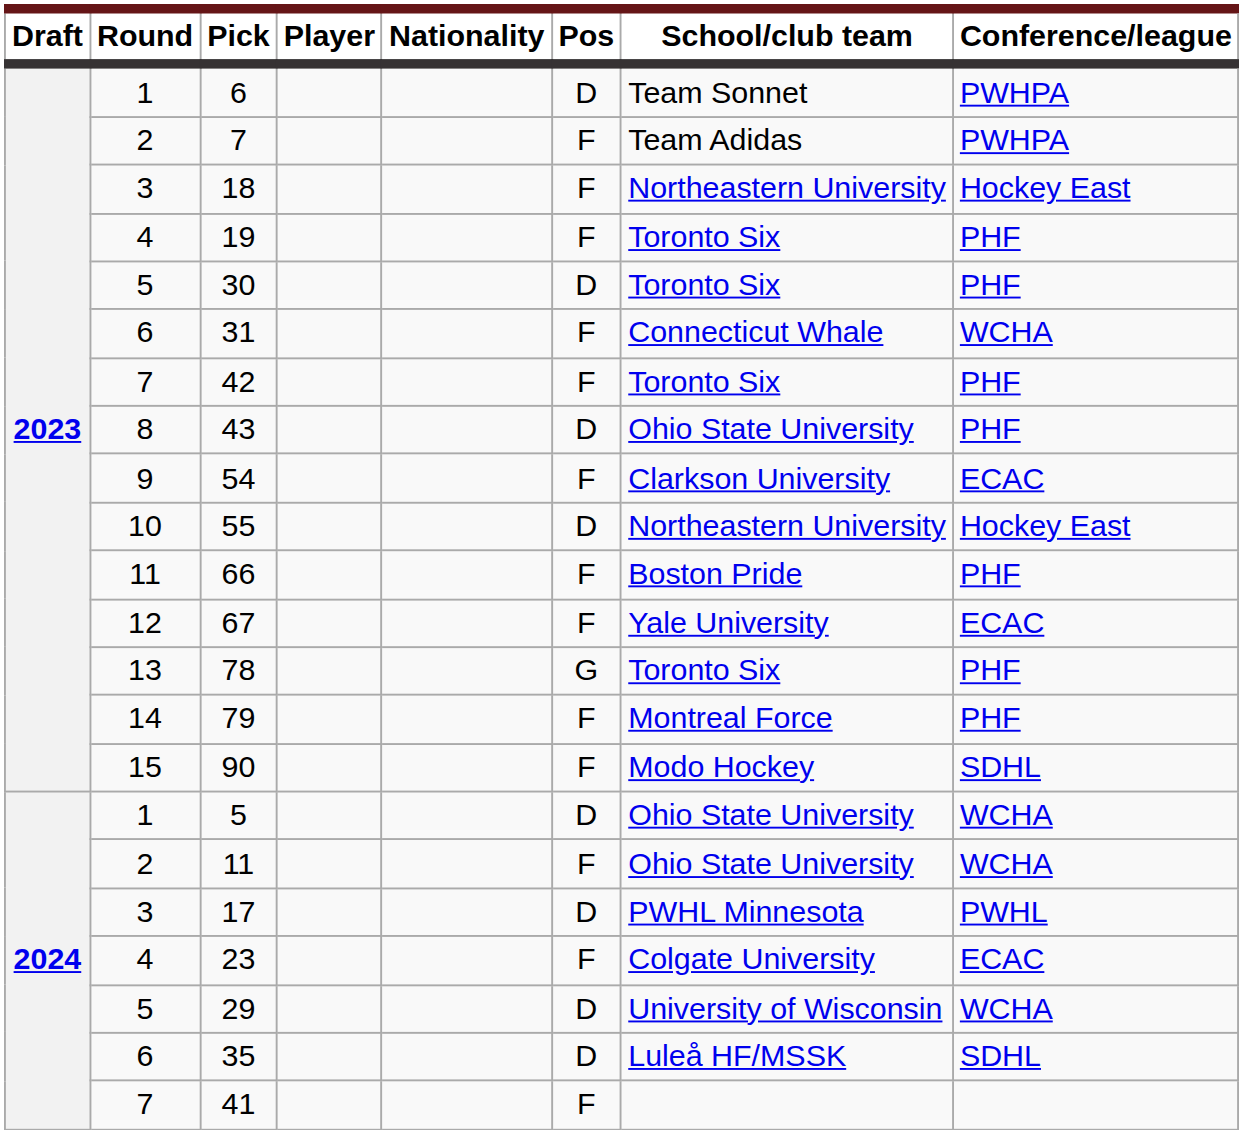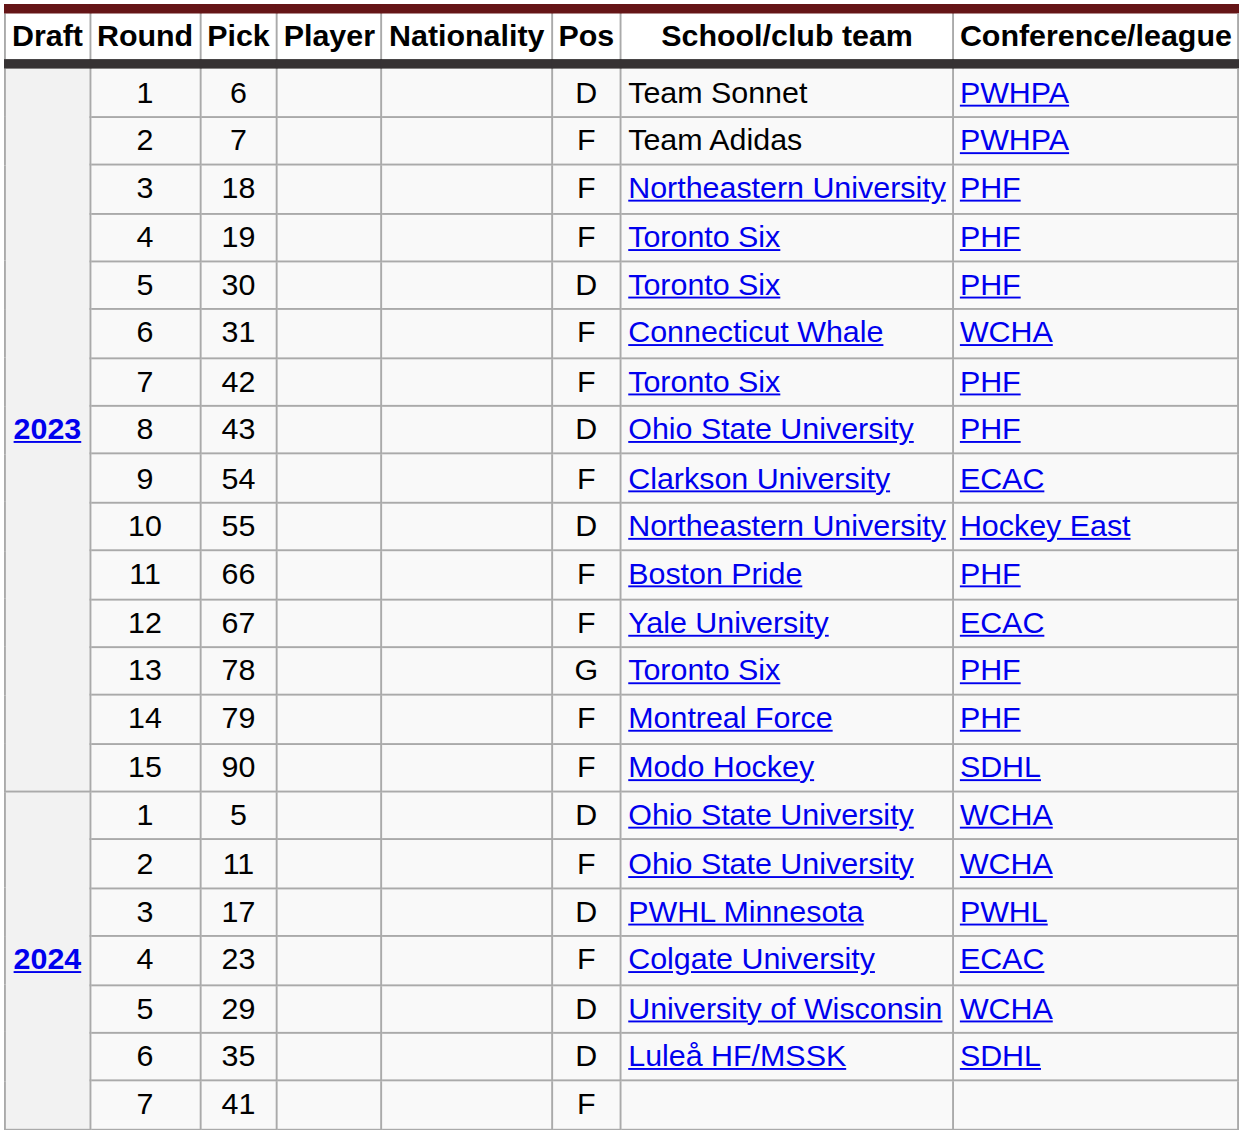 <table class="wikitable sortable plainrowheaders" style="text-align:center;">
 <tr style="background-color:#fff; border-top:#651517 5px solid; border-bottom:#363233 5px solid;">
 <th style="background-color:#fff;" scope="col">Draft</th>
 <th style="background-color:#fff;" scope="col" data-sort-type="number">Round</th>
 <th style="background-color:#fff;" scope="col" data-sort-type="number">Pick</th>
 <th style="background-color:#fff;" scope="col">Player</th>
 <th style="background-color:#fff;" scope="col">Nationality</th>
 <th style="background-color:#fff;" scope="col">Pos</th>
 <th style="background-color:#fff;" scope="col;">School/club team</th>
 <th style="background-color:#fff;" scope="col">Conference/league</th>
 </tr>
 <tr>
 <th scope="rowgroup" rowspan="15"><a href='#'>2023</a></th>
 <td>1</td>
 <td>6</td>
 <td align="left"></td>
 <td align="left"></td>
 <td>D</td>
 <td align="left">Team Sonnet</td>
 <td align="left"><a href='#'>PWHPA</a></td>
 </tr>
 <tr>
 <td>2</td>
 <td>7</td>
 <td align="left"></td>
 <td align="left"></td>
 <td>F</td>
 <td align="left">Team Adidas</td>
 <td align="left"><a href='#'>PWHPA</a></td>
 </tr>
 <tr>
 <td>3</td>
 <td>18</td>
 <td align="left"></td>
 <td align="left"></td>
 <td>F</td>
 <td align="left"><a href='#'>Northeastern University</a></td>
-<td align="left"><a href='#'>Hockey East</a></td>
+<td align="left"><a href='#'>PHF</a></td>
 </tr>
 <tr>
 <td>4</td>
 <td>19</td>
 <td align="left"></td>
 <td align="left"></td>
 <td>F</td>
 <td align="left"><a href='#'>Toronto Six</a></td>
 <td align="left"><a href='#'>PHF</a></td>
 </tr>
 <tr>
 <td>5</td>
 <td>30</td>
 <td align="left"></td>
 <td align="left"></td>
 <td>D</td>
 <td align="left"><a href='#'>Toronto Six</a></td>
 <td align="left"><a href='#'>PHF</a></td>
 </tr>
 <tr>
 <td>6</td>
 <td>31</td>
 <td align="left"></td>
 <td align="left"></td>
 <td>F</td>
 <td align="left"><a href='#'>Connecticut Whale</a></td>
 <td align="left"><a href='#'>WCHA</a></td>
 </tr>
 <tr>
 <td>7</td>
 <td>42</td>
 <td align="left"></td>
 <td align="left"></td>
 <td>F</td>
 <td align="left"><a href='#'>Toronto Six</a></td>
 <td align="left"><a href='#'>PHF</a></td>
 </tr>
 <tr>
 <td>8</td>
 <td>43</td>
 <td align="left"></td>
 <td align="left"></td>
 <td>D</td>
 <td align="left"><a href='#'>Ohio State University</a></td>
 <td align="left"><a href='#'>PHF</a></td>
 </tr>
 <tr>
 <td>9</td>
 <td>54</td>
 <td align="left"></td>
 <td align="left"></td>
 <td>F</td>
 <td align="left"><a href='#'>Clarkson University</a></td>
 <td align="left"><a href='#'>ECAC</a></td>
 </tr>
 <tr>
 <td>10</td>
 <td>55</td>
 <td align="left"></td>
 <td align="left"></td>
 <td>D</td>
 <td align="left"><a href='#'>Northeastern University</a></td>
 <td align="left"><a href='#'>Hockey East</a></td>
 </tr>
 <tr>
 <td>11</td>
 <td>66</td>
 <td align="left"></td>
 <td align="left"></td>
 <td>F</td>
 <td align="left"><a href='#'>Boston Pride</a></td>
 <td align="left"><a href='#'>PHF</a></td>
 </tr>
 <tr>
 <td>12</td>
 <td>67</td>
 <td align="left"></td>
 <td align="left"></td>
 <td>F</td>
 <td align="left"><a href='#'>Yale University</a></td>
 <td align="left"><a href='#'>ECAC</a></td>
 </tr>
 <tr>
 <td>13</td>
 <td>78</td>
 <td align="left"></td>
 <td align="left"></td>
 <td>G</td>
 <td align="left"><a href='#'>Toronto Six</a></td>
 <td align="left"><a href='#'>PHF</a></td>
 </tr>
 <tr>
 <td>14</td>
 <td>79</td>
 <td align="left"></td>
 <td align="left"></td>
 <td>F</td>
 <td align="left"><a href='#'>Montreal Force</a></td>
 <td align="left"><a href='#'>PHF</a></td>
 </tr>
 <tr>
 <td>15</td>
 <td>90</td>
 <td align="left"></td>
 <td align="left"></td>
 <td>F</td>
 <td align="left"><a href='#'>Modo Hockey</a></td>
 <td align="left"><a href='#'>SDHL</a></td>
 </tr>
 <tr>
 <th scope="rowgroup" rowspan="7"><a href='#'>2024</a></th>
 <td>1</td>
 <td>5</td>
 <td align="left"></td>
 <td align="left"></td>
 <td>D</td>
 <td align="left"><a href='#'>Ohio State University</a></td>
 <td align="left"><a href='#'>WCHA</a></td>
 </tr>
 <tr>
 <td>2</td>
 <td>11</td>
 <td align="left"></td>
 <td align="left"></td>
 <td>F</td>
 <td align="left"><a href='#'>Ohio State University</a></td>
 <td align="left"><a href='#'>WCHA</a></td>
 </tr>
 <tr>
 <td>3</td>
 <td>17</td>
 <td align="left"></td>
 <td align="left"></td>
 <td>D</td>
 <td align="left"><a href='#'>PWHL Minnesota</a></td>
 <td align="left"><a href='#'>PWHL</a></td>
 </tr>
 <tr>
 <td>4</td>
 <td>23</td>
 <td align="left"></td>
 <td align="left"></td>
 <td>F</td>
 <td align="left"><a href='#'>Colgate University</a></td>
 <td align="left"><a href='#'>ECAC</a></td>
 </tr>
 <tr>
 <td>5</td>
 <td>29</td>
 <td align="left"></td>
 <td align="left"></td>
 <td>D</td>
 <td align="left"><a href='#'>University of Wisconsin</a></td>
 <td align="left"><a href='#'>WCHA</a></td>
 </tr>
 <tr>
 <td>6</td>
 <td>35</td>
 <td align="left"></td>
 <td align="left"></td>
 <td>D</td>
 <td align="left"><a href='#'>Luleå HF/MSSK</a></td>
 <td align="left"><a href='#'>SDHL</a></td>
 </tr>
 <tr>
 <td>7</td>
 <td>41</td>
 <td align="left"></td>
 <td align="left"></td>
 <td>F</td>
 <td></td>
 <td></td>
 </tr>
 </table>
